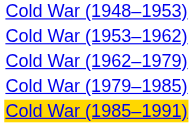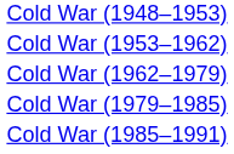 <table>
 <tr>
 <td><a href='#'>Cold War (1948–1953)</a></td>
 </tr>
 <tr>
 <td><a href='#'>Cold War (1953–1962)</a></td>
 </tr>
 <tr>
 <td><a href='#'>Cold War (1962–1979)</a></td>
 </tr>
 <tr>
 <td><a href='#'>Cold War (1979–1985)</a></td>
 </tr>
 <tr>
-<td style="background: gold;"><a href='#'>Cold War (1985–1991)</a></td>
+<td><a href='#'>Cold War (1985–1991)</a></td>
 </tr>
 </table>
